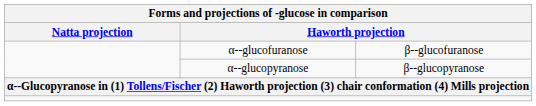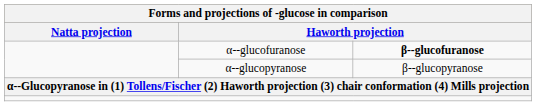 <table class="wikitable centered">
 <tr style="background:#FFDEAD;">
 <th colspan="3">Forms and projections of -glucose in comparison</th>
 </tr>
 <tr class="background color5">
 <th><a href='#'>Natta projection</a></th>
 <th colspan="2"><a href='#'>Haworth projection</a></th>
 </tr>
 <tr class="background color2">
 <td align="center" rowspan="2"></td>
 <td align="center">α--glucofuranose</td>
-<td align="center">β--glucofuranose</td>
+<td align="center"><strong>β--glucofuranose</strong></td>
 </tr>
 <tr class="background color2">
 <td align="center">α--glucopyranose</td>
 <td align="center">β--glucopyranose</td>
 </tr>
 <tr class="background color5">
 <th colspan="3">α--Glucopyranose in (1) <a href='#'>Tollens/Fischer</a> (2) Haworth projection (3) chair conformation (4) Mills projection</th>
 </tr>
 <tr class="background color2">
 <td align="center" colspan="3"></td>
 </tr>
 </table>
